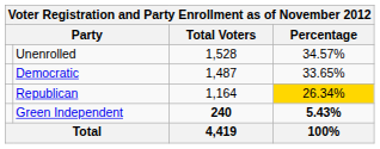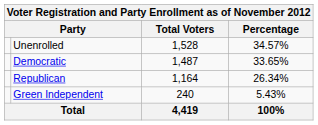 <table class=wikitable>
 <tr>
 <th colspan = 6>Voter Registration and Party Enrollment as of November 2012</th>
 </tr>
 <tr>
 <th colspan = 2>Party</th>
 <th>Total Voters</th>
 <th>Percentage</th>
 </tr>
 <tr>
 <td></td>
 <td>Unenrolled</td>
 <td align = center>1,528</td>
 <td align = center>34.57%</td>
 </tr>
 <tr>
 <td></td>
 <td><a href='#'>Democratic</a></td>
 <td align = center>1,487</td>
 <td align = center>33.65%</td>
 </tr>
 <tr>
 <td></td>
 <td><a href='#'>Republican</a></td>
 <td align = center>1,164</td>
-<td align = center style="background: gold;">26.34%</td>
+<td align = center>26.34%</td>
 </tr>
 <tr>
 <td></td>
 <td><a href='#'>Green Independent</a></td>
-<td align = center><strong>240</strong></td>
-<td align = center><strong>5.43%</strong></td>
+<td align = center>240</td>
+<td align = center>5.43%</td>
 </tr>
 <tr>
 <th colspan = 2>Total</th>
 <th align = center>4,419</th>
 <th align = center>100%</th>
 </tr>
 </table>
